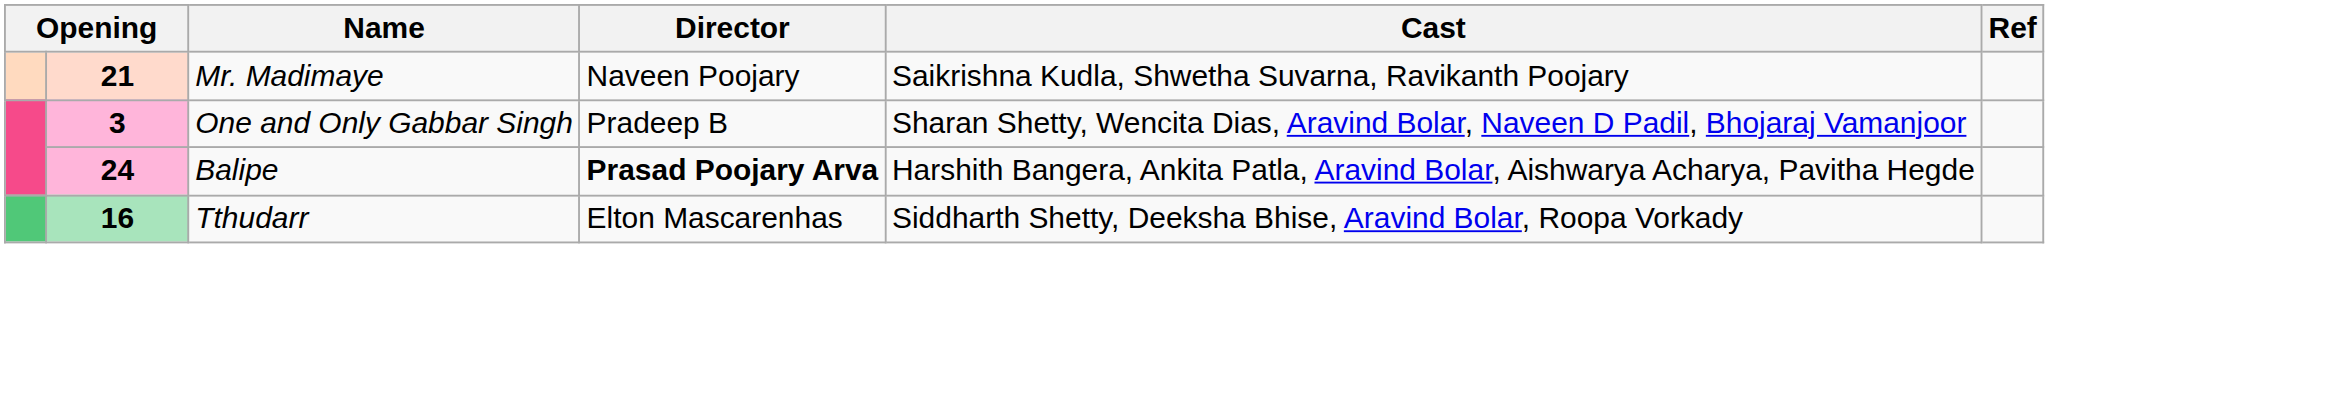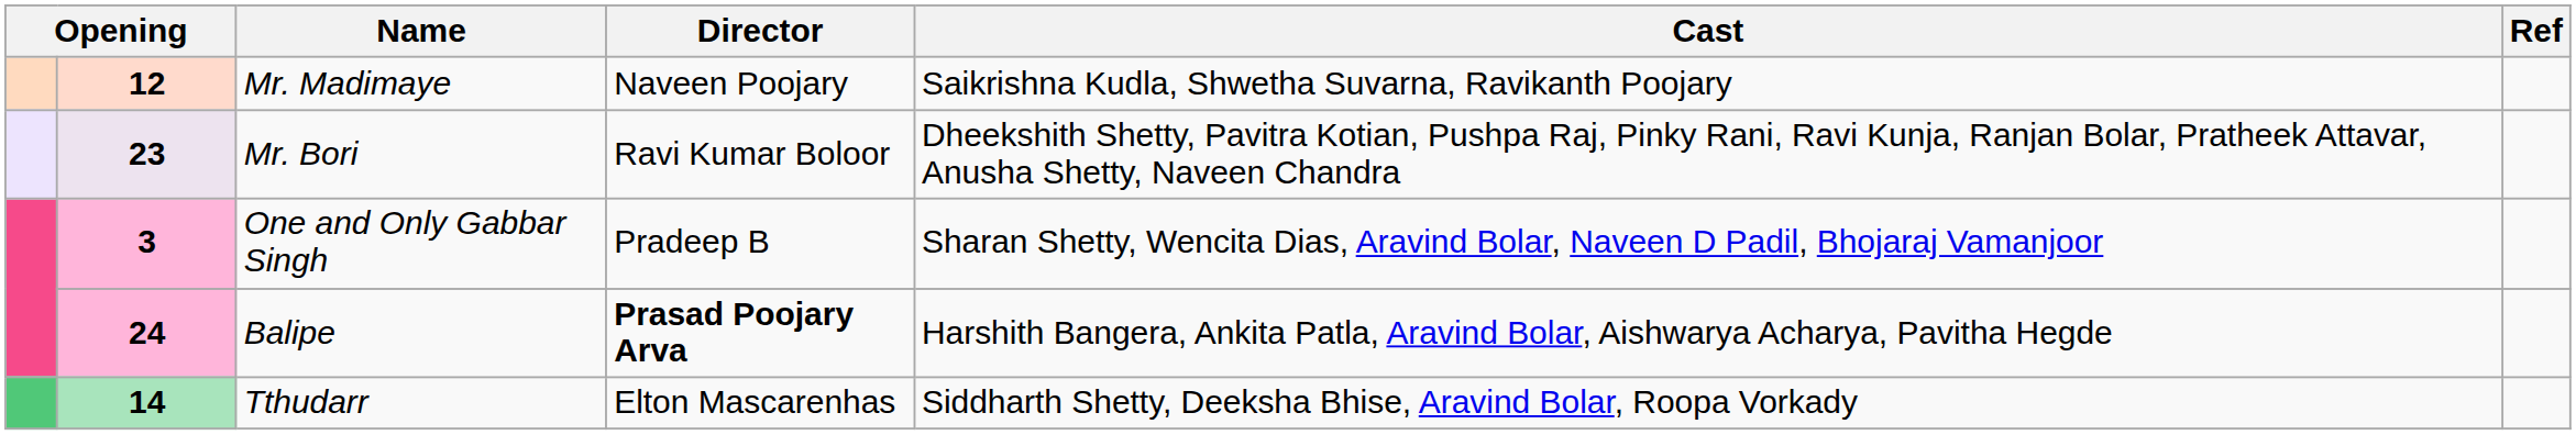 <table class="wikitable sortable">
 <tr>
 <th colspan="2" style="width:9%;">Opening</th>
 <th>Name</th>
 <th>Director</th>
 <th>Cast</th>
 <th>Ref</th>
 </tr>
 <tr January!>
 <td rowspan="1" style="text-align:center;background:#ffdabf;"><strong></strong></td>
-<td rowspan="1" style="text-align:center;background:#ffdacc;"><strong>21</strong></td>
+<td rowspan="1" style="text-align:center;background:#ffdacc;"><strong>12</strong></td>
 <td><em>Mr. Madimaye</em></td>
 <td>Naveen Poojary</td>
 <td>Saikrishna Kudla, Shwetha Suvarna, Ravikanth Poojary</td>
+<td></td>
+</tr>
+<tr February!>
+<td rowspan="1" style="text-align:center;background:#ede4fe;"><strong></strong></td>
+<td rowspan="1" style="text-align:center;background:#ede3ef;"><strong>23</strong></td>
+<td><em>Mr. Bori</em></td>
+<td>Ravi Kumar Boloor</td>
+<td>Dheekshith Shetty, Pavitra Kotian, Pushpa Raj, Pinky Rani, Ravi Kunja, Ranjan Bolar, Pratheek Attavar, Anusha Shetty, Naveen Chandra</td>
 <td></td>
 </tr>
 <tr>
 <td rowspan="2" style="text-align:center; background:#f64a8a;"><strong></strong></td>
 <td rowspan="1" style="text-align:center;background:#ffb5da;"><strong>3</strong></td>
 <td><em>One and Only Gabbar Singh</em></td>
 <td>Pradeep B</td>
 <td>Sharan Shetty, Wencita Dias, <a href='#'>Aravind Bolar</a>, <a href='#'>Naveen D Padil</a>, <a href='#'>Bhojaraj Vamanjoor</a></td>
 <td><br></td>
 </tr>
 <tr>
 <td rowspan="1" style="text-align:center;background:#ffb5da;"><strong>24</strong></td>
 <td><em>Balipe</em></td>
 <td><strong>Prasad Poojary Arva</strong></td>
 <td>Harshith Bangera, Ankita Patla, <a href='#'>Aravind Bolar</a>, Aishwarya Acharya, Pavitha Hegde</td>
 <td></td>
 </tr>
 <tr June!>
 <td rowspan="1" style="text-align:center; background:#50c878; textcolor:#000;"><strong></strong></td>
-<td rowspan="1" style="text-align:center;background:#a8e4bc;"><strong>16</strong></td>
+<td rowspan="1" style="text-align:center;background:#a8e4bc;"><strong>14</strong></td>
 <td><em>Tthudarr</em></td>
 <td>Elton Mascarenhas</td>
 <td>Siddharth Shetty, Deeksha Bhise, <a href='#'>Aravind Bolar</a>, Roopa Vorkady</td>
 <td></td>
 </tr>
 </table>
